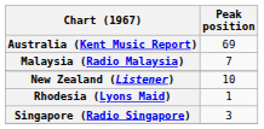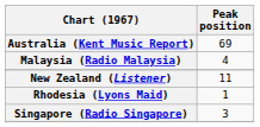 <table class="wikitable sortable plainrowheaders" style="text-align:center">
 <tr>
 <th>Chart (1967)</th>
 <th>Peak<br>position</th>
 </tr>
 <tr>
 <th scope="row">Australia (<a href='#'>Kent Music Report</a>)</th>
 <td>69</td>
 </tr>
 <tr>
 <th scope="row">Malaysia (<a href='#'>Radio Malaysia</a>)</th>
-<td>7</td>
+<td>4</td>
 </tr>
 <tr>
 </tr>
 <tr>
 <th scope="row">New Zealand (<a href='#'><em>Listener</em></a>)</th>
-<td>10</td>
+<td>11</td>
 </tr>
 <tr>
 <th scope="row">Rhodesia (<a href='#'>Lyons Maid</a>)</th>
 <td>1</td>
 </tr>
 <tr>
 <th scope="row">Singapore (<a href='#'>Radio Singapore</a>)</th>
 <td>3</td>
 </tr>
 <tr>
 </tr>
 </table>
